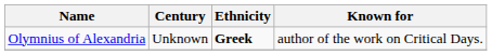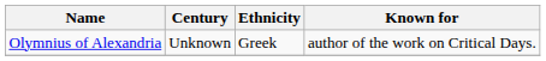 <table class="wikitable sortable">
 <tr>
 <th>Name</th>
 <th>Century</th>
 <th>Ethnicity</th>
 <th>Known for</th>
 </tr>
 <tr>
 <td><a href='#'>Olymnius of Alexandria</a></td>
 <td>Unknown</td>
-<td><strong>Greek</strong></td>
+<td>Greek</td>
 <td>author of the work on Critical Days.</td>
 </tr>
 <tr>
 </tr>
 </table>
